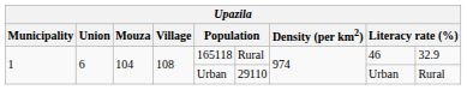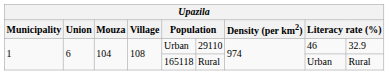 <table class="wikitable">
 <tr>
 <th colspan="9"><em>Upazila</em></th>
 </tr>
 <tr>
 <th>Municipality</th>
 <th>Union</th>
 <th>Mouza</th>
 <th>Village</th>
 <th colspan="2">Population</th>
 <th>Density (per km<sup>2</sup>)</th>
 <th colspan="2">Literacy rate (%)</th>
 </tr>
 <tr>
 <td rowspan="2">1</td>
 <td rowspan="2">6</td>
 <td rowspan="2">104</td>
 <td rowspan="2">108</td>
-<td>165118</td>
-<td>Rural</td>
+<td>Urban</td>
+<td>29110</td>
 <td rowspan="2">974</td>
 <td>46</td>
 <td>32.9</td>
 </tr>
 <tr>
-<td>Urban</td>
-<td>29110</td>
+<td>165118</td>
+<td>Rural</td>
 <td>Urban</td>
 <td>Rural</td>
 </tr>
 </table>
